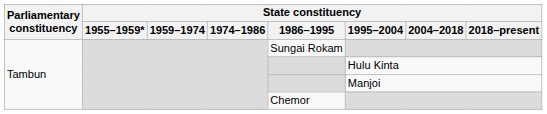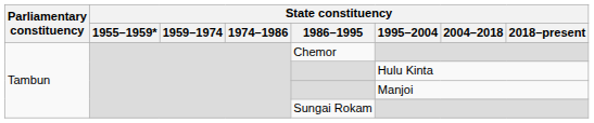 <table class="wikitable">
 <tr>
 <th rowspan="2">Parliamentary<br>constituency</th>
 <th colspan="7">State constituency</th>
 </tr>
 <tr>
 <th>1955–1959*</th>
 <th>1959–1974</th>
 <th>1974–1986</th>
 <th>1986–1995</th>
 <th>1995–2004</th>
 <th>2004–2018</th>
 <th>2018–present</th>
 </tr>
 <tr>
 <td rowspan="4">Tambun</td>
 <td colspan="3" rowspan="4" bgcolor="dcdcdc"></td>
-<td>Sungai Rokam</td>
+<td>Chemor</td>
 <td colspan="3" bgcolor="dcdcdc"></td>
 </tr>
 <tr>
 <td bgcolor="dcdcdc"></td>
 <td colspan="3">Hulu Kinta</td>
 </tr>
 <tr>
 <td bgcolor="dcdcdc"></td>
 <td colspan="3">Manjoi</td>
 </tr>
 <tr>
-<td>Chemor</td>
+<td>Sungai Rokam</td>
 <td colspan="3" bgcolor="dcdcdc"></td>
 </tr>
 </table>
